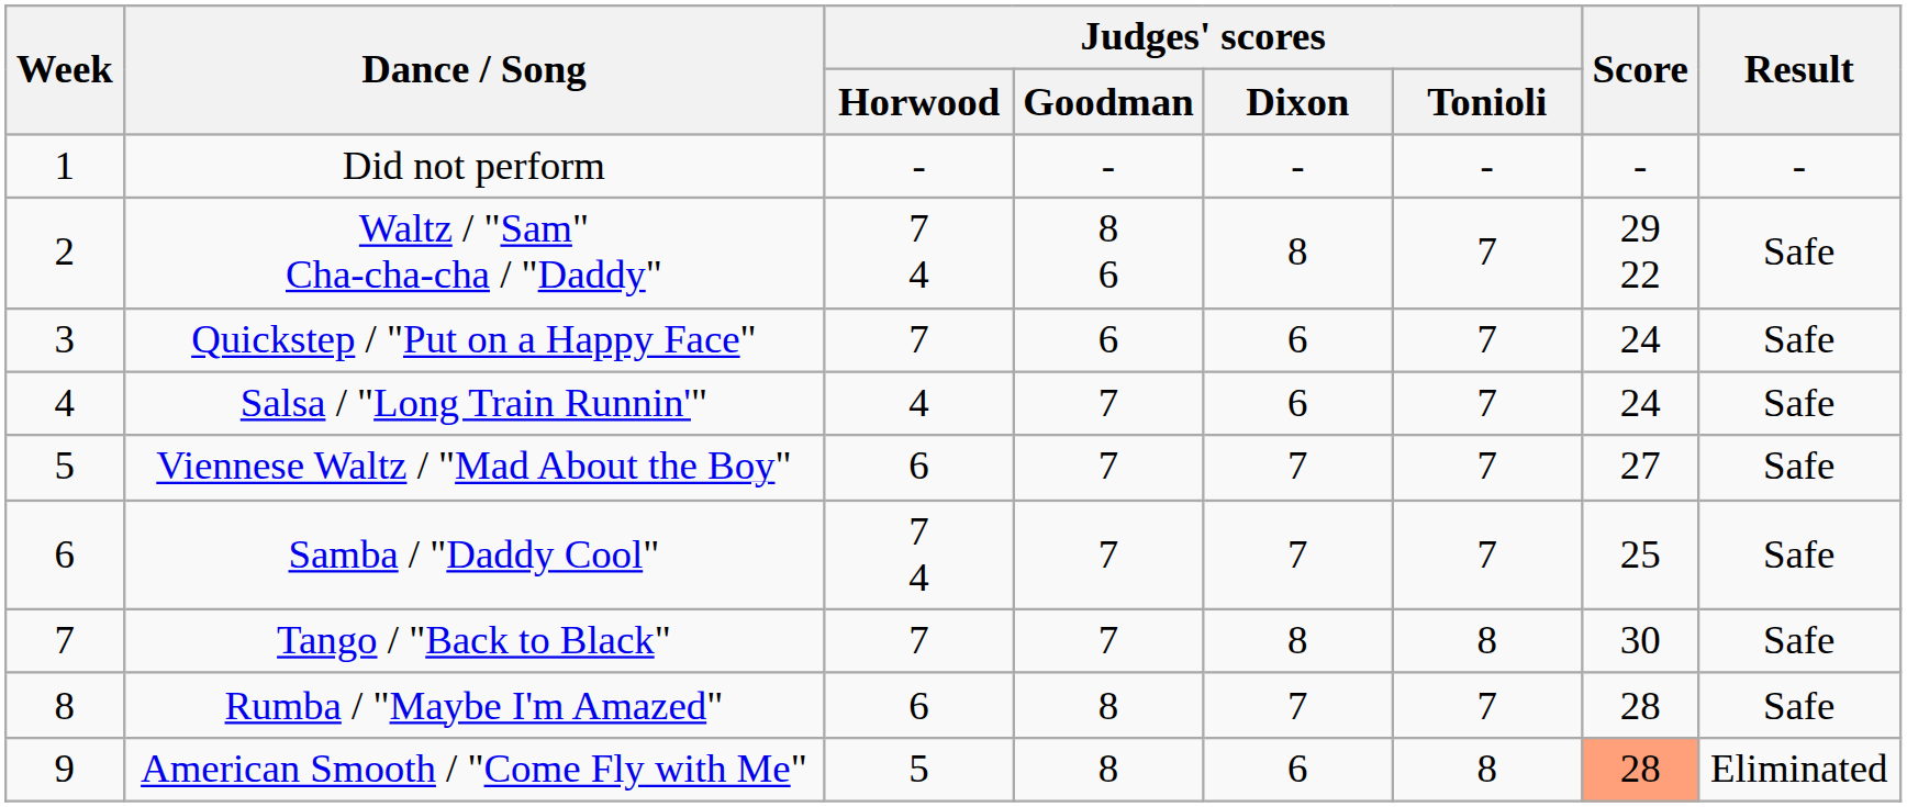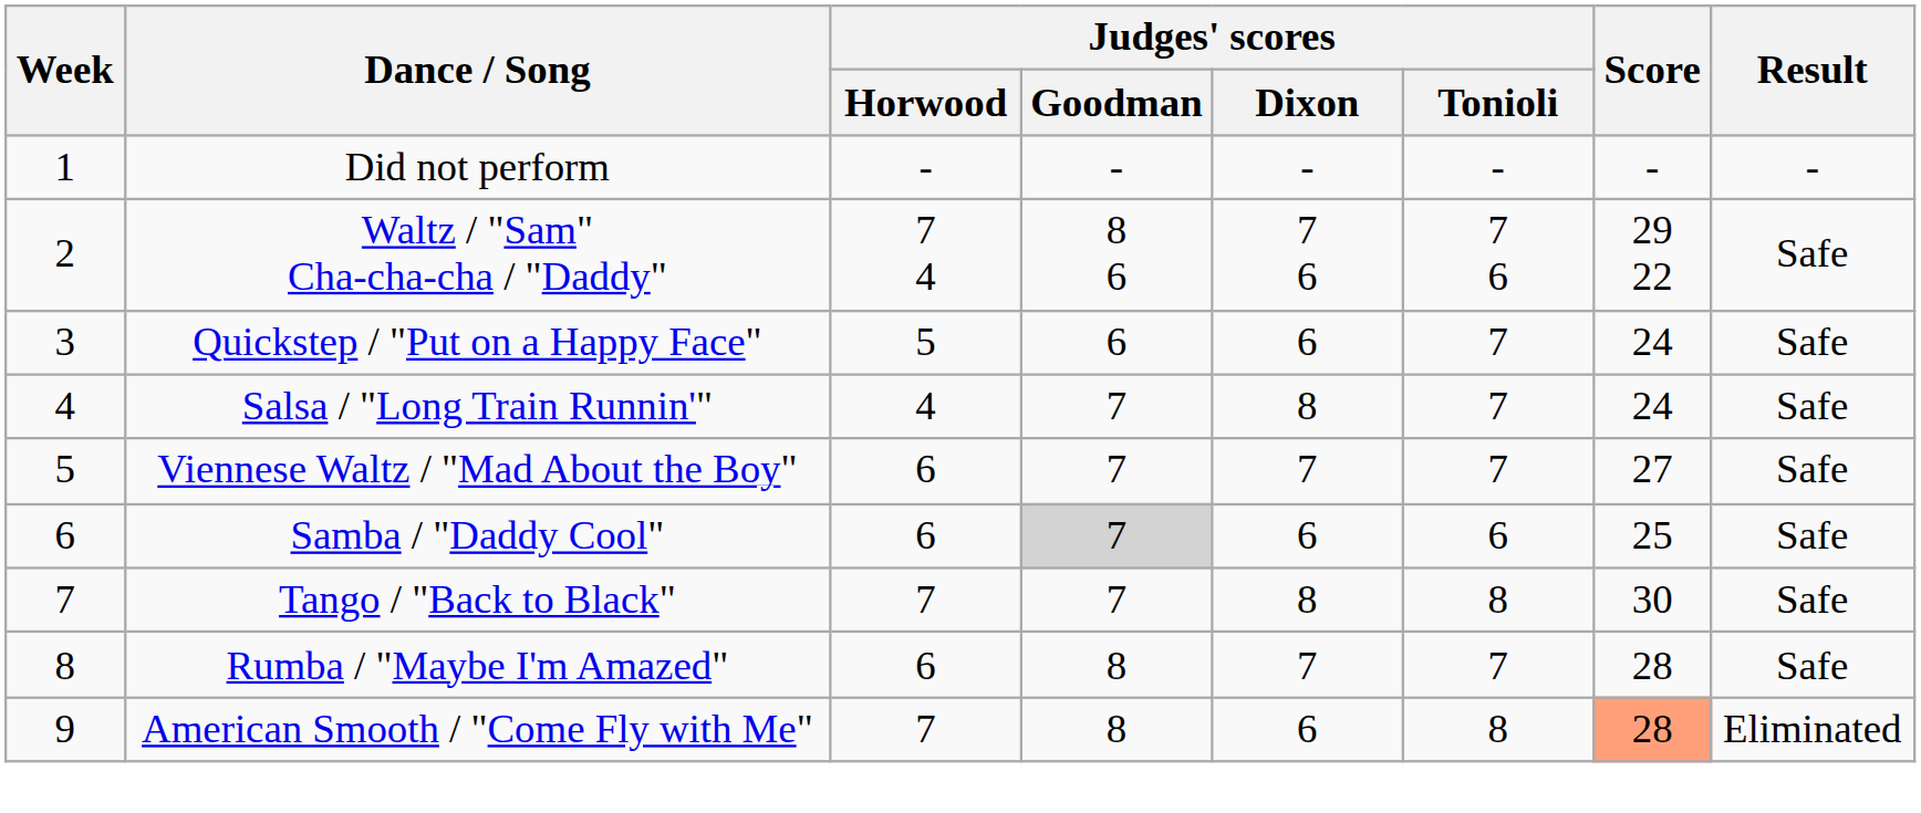 <table class="wikitable">
 <tr>
 <th rowspan="2">Week </th>
 <th rowspan="2">Dance / Song</th>
 <th colspan="4">Judges' scores</th>
 <th rowspan="2">Score</th>
 <th rowspan="2">Result</th>
 </tr>
 <tr>
 <th style="width:10%; ">Horwood</th>
 <th style="width:10%; ">Goodman</th>
 <th style="width:10%; ">Dixon</th>
 <th style="width:10%; ">Tonioli</th>
 </tr>
 <tr style="text-align: center; ">
 <td>1</td>
 <td>Did not perform</td>
 <td>-</td>
 <td>-</td>
 <td>-</td>
 <td>-</td>
 <td>-</td>
 <td>-</td>
 </tr>
 <tr style="text-align: center;">
 <td>2</td>
 <td><a href='#'>Waltz</a> / "<a href='#'>Sam</a>"<br><a href='#'>Cha-cha-cha</a> / "<a href='#'>Daddy</a>"</td>
 <td>7<br>4</td>
 <td>8<br>6</td>
-<td>8</td>
-<td>7</td>
+<td>7<br>6</td>
+<td>7<br>6</td>
 <td>29<br>22</td>
 <td>Safe</td>
 </tr>
 <tr style="text-align: center;">
 <td>3</td>
 <td><a href='#'>Quickstep</a> / "<a href='#'>Put on a Happy Face</a>"</td>
-<td>7</td>
+<td>5</td>
 <td>6</td>
 <td>6</td>
 <td>7</td>
 <td>24</td>
 <td>Safe</td>
 </tr>
 <tr style="text-align: center;">
 <td>4</td>
 <td><a href='#'>Salsa</a> / "<a href='#'>Long Train Runnin'</a>"</td>
 <td>4</td>
 <td>7</td>
-<td>6</td>
+<td>8</td>
 <td>7</td>
 <td>24</td>
 <td>Safe</td>
 </tr>
 <tr style="text-align: center;">
 <td>5</td>
 <td><a href='#'>Viennese Waltz</a> / "<a href='#'>Mad About the Boy</a>"</td>
 <td>6</td>
 <td>7</td>
 <td>7</td>
 <td>7</td>
 <td>27</td>
 <td>Safe</td>
 </tr>
 <tr style="text-align: center;">
 <td>6</td>
 <td><a href='#'>Samba</a> / "<a href='#'>Daddy Cool</a>"</td>
-<td>7<br>4</td>
-<td>7</td>
-<td>7</td>
-<td>7</td>
+<td>6</td>
+<td style="background: lightgrey;">7</td>
+<td>6</td>
+<td>6</td>
 <td>25</td>
 <td>Safe</td>
 </tr>
 <tr style="text-align: center;">
 <td>7</td>
 <td><a href='#'>Tango</a> / "<a href='#'>Back to Black</a>"</td>
 <td>7</td>
 <td>7</td>
 <td>8</td>
 <td>8</td>
 <td>30</td>
 <td>Safe</td>
 </tr>
 <tr style="text-align: center;">
 <td>8</td>
 <td><a href='#'>Rumba</a> / "<a href='#'>Maybe I'm Amazed</a>"</td>
 <td>6</td>
 <td>8</td>
 <td>7</td>
 <td>7</td>
 <td>28</td>
 <td>Safe</td>
 </tr>
 <tr style="text-align: center;">
 <td>9</td>
 <td><a href='#'>American Smooth</a> / "<a href='#'>Come Fly with Me</a>"</td>
-<td>5</td>
+<td>7</td>
 <td>8</td>
 <td>6</td>
 <td>8</td>
 <td style="background: lightsalmon;">28</td>
 <td>Eliminated</td>
 </tr>
 </table>
